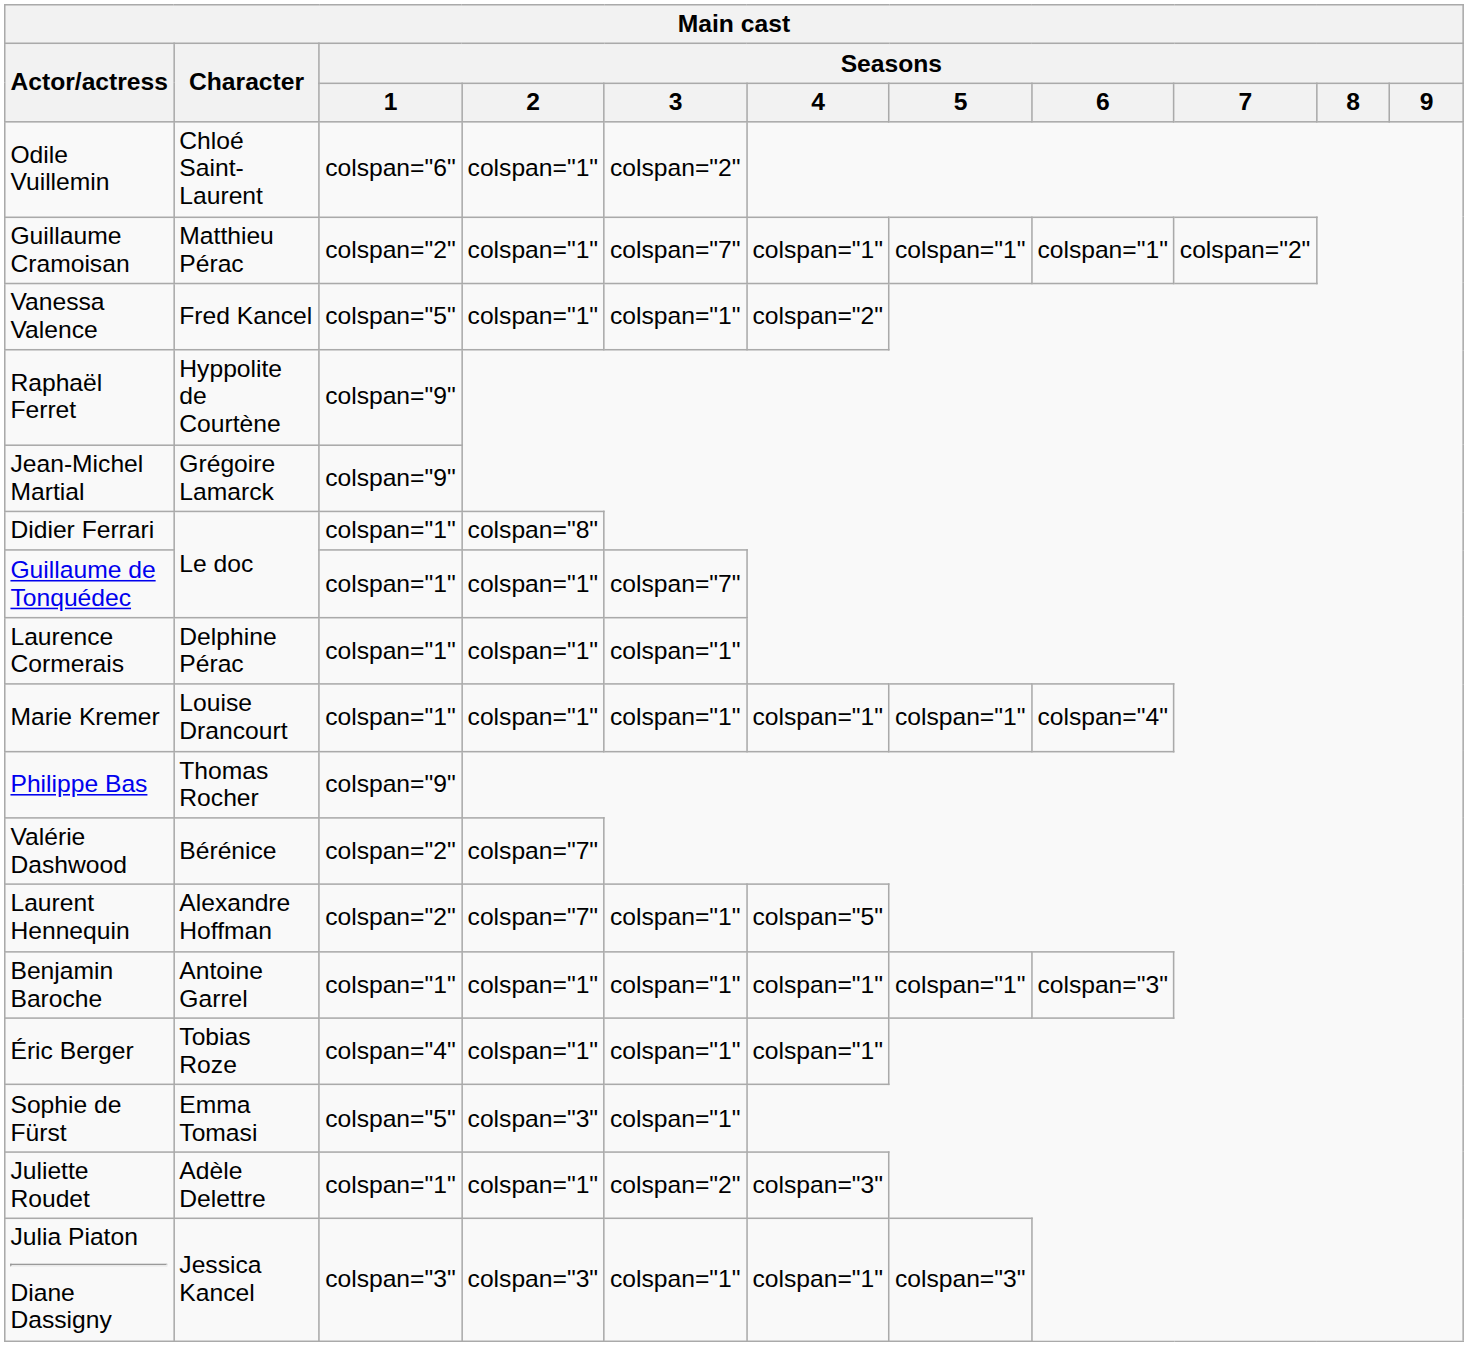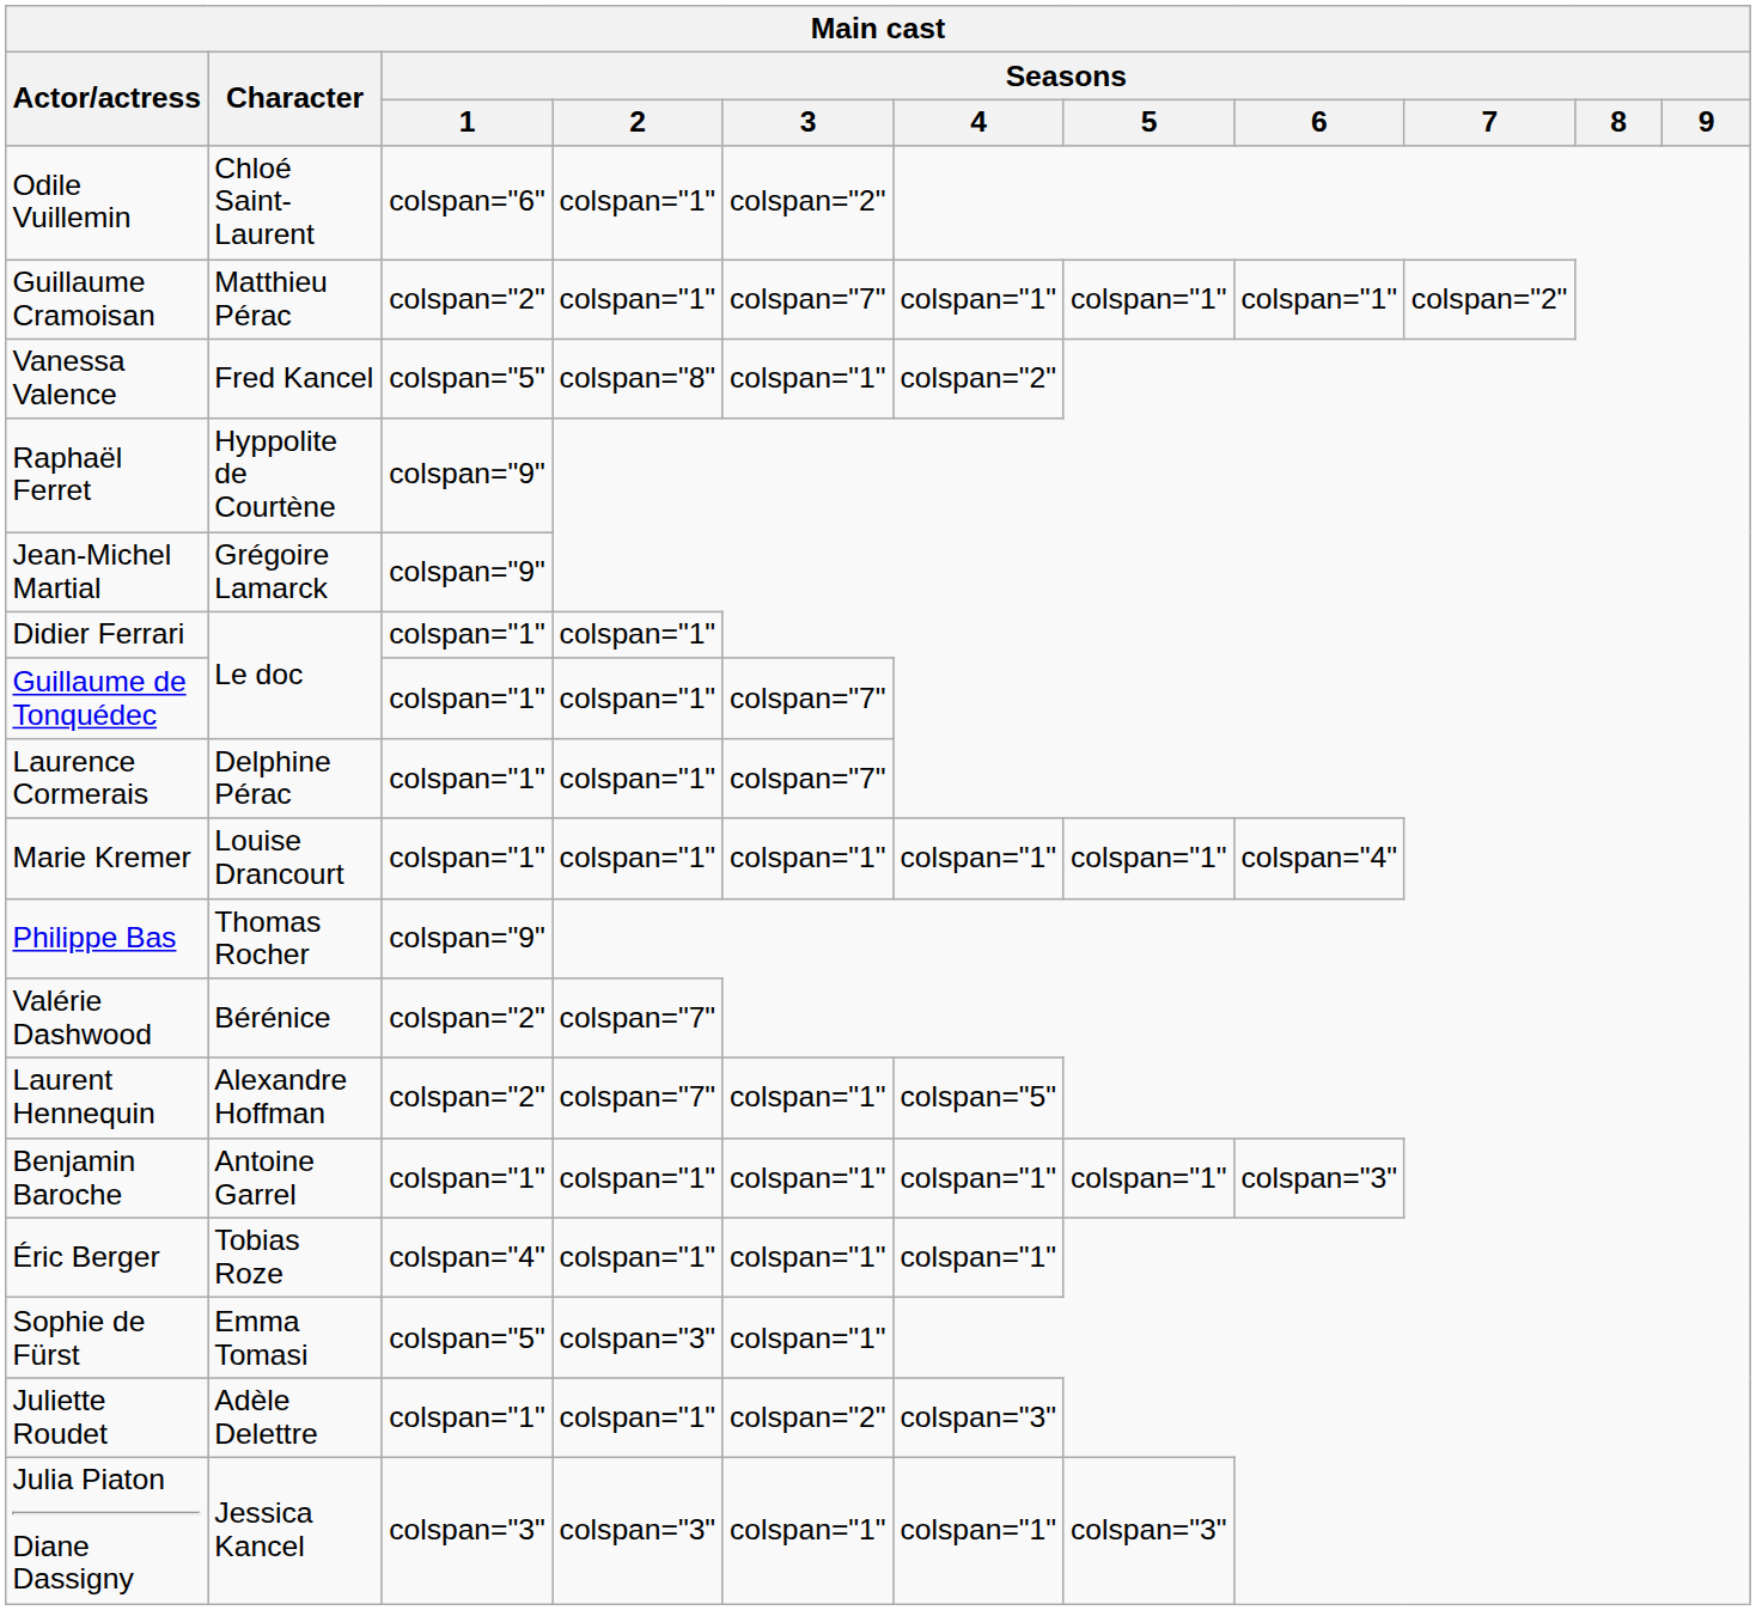 <table class="wikitable sortable" width="75%">
 <tr>
 <th colspan="12">Main cast</th>
 </tr>
 <tr>
 <th style="width:10%;" rowspan="2">Actor/actress</th>
 <th style="width:10%;" rowspan="2">Character</th>
 <th colspan="9">Seasons</th>
 </tr>
 <tr>
 <th scope="col" style="width:40px;">1</th>
 <th scope="col" style="width:40px;">2</th>
 <th scope="col" style="width:40px;">3</th>
 <th scope="col" style="width:40px;">4</th>
 <th scope="col" style="width:40px;">5</th>
 <th scope="col" style="width:40px;">6</th>
 <th scope="col" style="width:40px;">7</th>
 <th scope="col" style="width:40px;">8</th>
 <th scope="col" style="width:40px;">9</th>
 </tr>
 <tr>
 <td scope="row">Odile Vuillemin</td>
 <td>Chloé Saint-Laurent</td>
 <td>colspan="6" </td>
 <td>colspan="1" </td>
 <td>colspan="2" </td>
 </tr>
 <tr>
 <td scope="row">Guillaume Cramoisan</td>
 <td>Matthieu Pérac</td>
 <td>colspan="2" </td>
 <td>colspan="1" </td>
 <td>colspan="7" </td>
 <td>colspan="1" </td>
 <td>colspan="1" </td>
 <td>colspan="1" </td>
 <td>colspan="2" </td>
 </tr>
 <tr>
 <td scope="row">Vanessa Valence</td>
 <td>Fred Kancel</td>
 <td>colspan="5" </td>
-<td>colspan="1" </td>
+<td>colspan="8" </td>
 <td>colspan="1" </td>
 <td>colspan="2" </td>
 </tr>
 <tr>
 <td scope="row">Raphaël Ferret</td>
 <td>Hyppolite de Courtène</td>
 <td>colspan="9" </td>
 </tr>
 <tr>
 <td scope="row">Jean-Michel Martial</td>
 <td>Grégoire Lamarck</td>
 <td>colspan="9" </td>
 </tr>
 <tr>
 <td scope="row">Didier Ferrari</td>
 <td rowspan=2>Le doc</td>
 <td>colspan="1" </td>
-<td>colspan="8" </td>
+<td>colspan="1" </td>
 </tr>
 <tr>
 <td scope="row"><a href='#'>Guillaume de Tonquédec</a></td>
 <td>colspan="1" </td>
 <td>colspan="1" </td>
 <td>colspan="7" </td>
 </tr>
 <tr>
 <td scope="row">Laurence Cormerais</td>
 <td>Delphine Pérac</td>
 <td>colspan="1" </td>
 <td>colspan="1" </td>
-<td>colspan="1" </td>
+<td>colspan="7" </td>
 </tr>
 <tr>
 <td scope="row">Marie Kremer</td>
 <td>Louise Drancourt</td>
 <td>colspan="1" </td>
 <td>colspan="1" </td>
 <td>colspan="1" </td>
 <td>colspan="1" </td>
 <td>colspan="1" </td>
 <td>colspan="4" </td>
 </tr>
 <tr>
 <td scope="row"><a href='#'>Philippe Bas</a></td>
 <td>Thomas Rocher</td>
 <td>colspan="9" </td>
 </tr>
 <tr>
 <td scope="row">Valérie Dashwood</td>
 <td>Bérénice</td>
 <td>colspan="2" </td>
 <td>colspan="7" </td>
 </tr>
 <tr>
 <td scope="row">Laurent Hennequin</td>
 <td>Alexandre Hoffman</td>
 <td>colspan="2" </td>
 <td>colspan="7" </td>
 <td>colspan="1" </td>
 <td>colspan="5" </td>
 </tr>
 <tr>
 <td scope="row">Benjamin Baroche</td>
 <td>Antoine Garrel</td>
 <td>colspan="1" </td>
 <td>colspan="1" </td>
 <td>colspan="1" </td>
 <td>colspan="1" </td>
 <td>colspan="1" </td>
 <td>colspan="3" </td>
 </tr>
 <tr>
 <td scope="row">Éric Berger</td>
 <td>Tobias Roze</td>
 <td>colspan="4" </td>
 <td>colspan="1" </td>
 <td>colspan="1" </td>
 <td>colspan="1" </td>
 </tr>
 <tr>
 <td scope="row">Sophie de Fürst</td>
 <td>Emma Tomasi</td>
 <td>colspan="5" </td>
 <td>colspan="3" </td>
 <td>colspan="1" </td>
 </tr>
 <tr>
 <td scope="row">Juliette Roudet</td>
 <td>Adèle Delettre</td>
 <td>colspan="1" </td>
 <td>colspan="1" </td>
 <td>colspan="2" </td>
 <td>colspan="3" </td>
 </tr>
 <tr>
 <td scope="row">Julia Piaton<hr>Diane Dassigny</td>
 <td>Jessica Kancel</td>
 <td>colspan="3" </td>
 <td>colspan="3" </td>
 <td>colspan="1" </td>
 <td>colspan="1" </td>
 <td>colspan="3" </td>
 </tr>
 <tr>
 </tr>
 </table>
